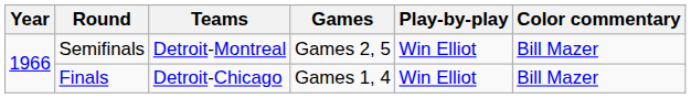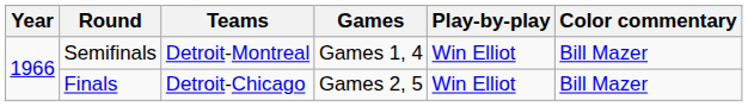 <table class="wikitable">
 <tr>
 <th>Year</th>
 <th>Round</th>
 <th>Teams</th>
 <th>Games</th>
 <th>Play-by-play</th>
 <th>Color commentary</th>
 </tr>
 <tr>
 <td rowspan="2"><a href='#'>1966</a></td>
 <td>Semifinals</td>
 <td><a href='#'>Detroit</a>-<a href='#'>Montreal</a></td>
-<td>Games 2, 5</td>
+<td>Games 1, 4</td>
 <td><a href='#'>Win Elliot</a></td>
 <td><a href='#'>Bill Mazer</a></td>
 </tr>
 <tr>
 <td><a href='#'>Finals</a></td>
 <td><a href='#'>Detroit</a>-<a href='#'>Chicago</a></td>
-<td>Games 1, 4</td>
+<td>Games 2, 5</td>
 <td><a href='#'>Win Elliot</a></td>
 <td><a href='#'>Bill Mazer</a></td>
 </tr>
 </table>
